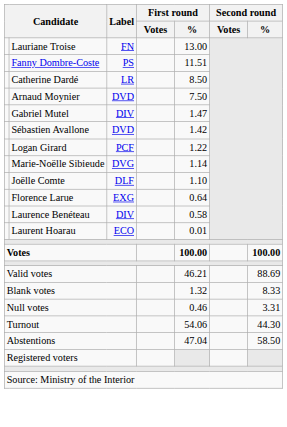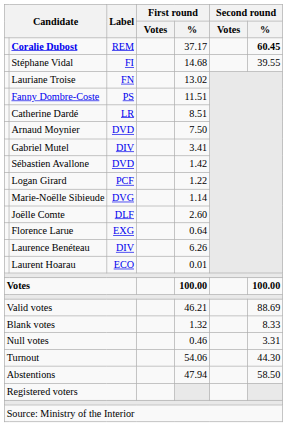 <table class="wikitable" style="text-align:right;font-size:95%;">
 <tr>
 <th rowspan="2" colspan="2">Candidate</th>
 <th rowspan="2">Label</th>
 <th colspan="2">First round</th>
 <th colspan="2">Second round</th>
 </tr>
 <tr>
 <th style="width:50px;">Votes</th>
 <th style="width:45px;">%</th>
 <th style="width:50px;">Votes</th>
 <th style="width:45px;">%</th>
 </tr>
 <tr>
 <td style="color:inherit;background:"></td>
+<td style="text-align:left;"><strong><a href='#'>Coralie Dubost</a></strong></td>
+<td><a href='#'>REM</a></td>
+<td></td>
+<td>37.17</td>
+<td><strong></strong></td>
+<td><strong>60.45</strong></td>
+</tr>
+<tr>
+<td style="color:inherit;background:"></td>
+<td style="text-align:left;">Stéphane Vidal</td>
+<td><a href='#'>FI</a></td>
+<td></td>
+<td>14.68</td>
+<td></td>
+<td>39.55</td>
+</tr>
+<tr>
+<td style="color:inherit;background:"></td>
 <td style="text-align:left;">Lauriane Troise</td>
 <td><a href='#'>FN</a></td>
 <td></td>
-<td>13.00</td>
+<td>13.02</td>
 <td colspan="2" rowspan="12" style="background:#E9E9E9;"></td>
 </tr>
 <tr>
 <td style="color:inherit;background:"></td>
 <td style="text-align:left;"><a href='#'>Fanny Dombre-Coste</a></td>
 <td><a href='#'>PS</a></td>
 <td></td>
 <td>11.51</td>
 </tr>
 <tr>
 <td style="color:inherit;background:"></td>
 <td style="text-align:left;">Catherine Dardé</td>
 <td><a href='#'>LR</a></td>
 <td></td>
-<td>8.50</td>
+<td>8.51</td>
 </tr>
 <tr>
 <td style="color:inherit;background:"></td>
 <td style="text-align:left;">Arnaud Moynier</td>
 <td><a href='#'>DVD</a></td>
 <td></td>
 <td>7.50</td>
 </tr>
 <tr>
 <td style="color:inherit;background:"></td>
 <td style="text-align:left;">Gabriel Mutel</td>
 <td><a href='#'>DIV</a></td>
 <td></td>
-<td>1.47</td>
+<td>3.41</td>
 </tr>
 <tr>
 <td style="color:inherit;background:"></td>
 <td style="text-align:left;">Sébastien Avallone</td>
 <td><a href='#'>DVD</a></td>
 <td></td>
 <td>1.42</td>
 </tr>
 <tr>
 <td style="color:inherit;background:"></td>
 <td style="text-align:left;">Logan Girard</td>
 <td><a href='#'>PCF</a></td>
 <td></td>
 <td>1.22</td>
 </tr>
 <tr>
 <td style="color:inherit;background:"></td>
 <td style="text-align:left;">Marie-Noëlle Sibieude</td>
 <td><a href='#'>DVG</a></td>
 <td></td>
 <td>1.14</td>
 </tr>
 <tr>
 <td style="color:inherit;background:"></td>
 <td style="text-align:left;">Joëlle Comte</td>
 <td><a href='#'>DLF</a></td>
 <td></td>
-<td>1.10</td>
+<td>2.60</td>
 </tr>
 <tr>
 <td style="color:inherit;background:"></td>
 <td style="text-align:left;">Florence Larue</td>
 <td><a href='#'>EXG</a></td>
 <td></td>
 <td>0.64</td>
 </tr>
 <tr>
 <td style="color:inherit;background:"></td>
 <td style="text-align:left;">Laurence Benéteau</td>
 <td><a href='#'>DIV</a></td>
 <td></td>
-<td>0.58</td>
+<td>6.26</td>
 </tr>
 <tr>
 <td style="color:inherit;background:"></td>
 <td style="text-align:left;">Laurent Hoarau</td>
 <td><a href='#'>ECO</a></td>
 <td></td>
 <td>0.01</td>
 </tr>
 <tr>
 <td colspan="7" style="background:#E9E9E9;"></td>
 </tr>
 <tr style="font-weight:bold;">
 <td colspan="3" style="text-align:left;">Votes</td>
 <td></td>
 <td>100.00</td>
 <td></td>
 <td>100.00</td>
 </tr>
 <tr>
 <td colspan="7" style="background:#E9E9E9;"></td>
 </tr>
 <tr>
 <td colspan="3" style="text-align:left;">Valid votes</td>
 <td></td>
 <td>46.21</td>
 <td></td>
 <td>88.69</td>
 </tr>
 <tr>
 <td colspan="3" style="text-align:left;">Blank votes</td>
 <td></td>
 <td>1.32</td>
 <td></td>
 <td>8.33</td>
 </tr>
 <tr>
 <td colspan="3" style="text-align:left;">Null votes</td>
 <td></td>
 <td>0.46</td>
 <td></td>
 <td>3.31</td>
 </tr>
 <tr>
 <td colspan="3" style="text-align:left;">Turnout</td>
 <td></td>
 <td>54.06</td>
 <td></td>
 <td>44.30</td>
 </tr>
 <tr>
 <td colspan="3" style="text-align:left;">Abstentions</td>
 <td></td>
-<td>47.04</td>
+<td>47.94</td>
 <td></td>
 <td>58.50</td>
 </tr>
 <tr>
 <td colspan="3" style="text-align:left;">Registered voters</td>
 <td></td>
 <td style="color:inherit;background:#E9E9E9;"></td>
 <td></td>
 <td style="color:inherit;background:#E9E9E9;"></td>
 </tr>
 <tr>
 <td colspan="7" style="background:#E9E9E9;"></td>
 </tr>
 <tr>
 <td colspan="7" style="text-align:left;">Source: Ministry of the Interior</td>
 </tr>
 </table>
